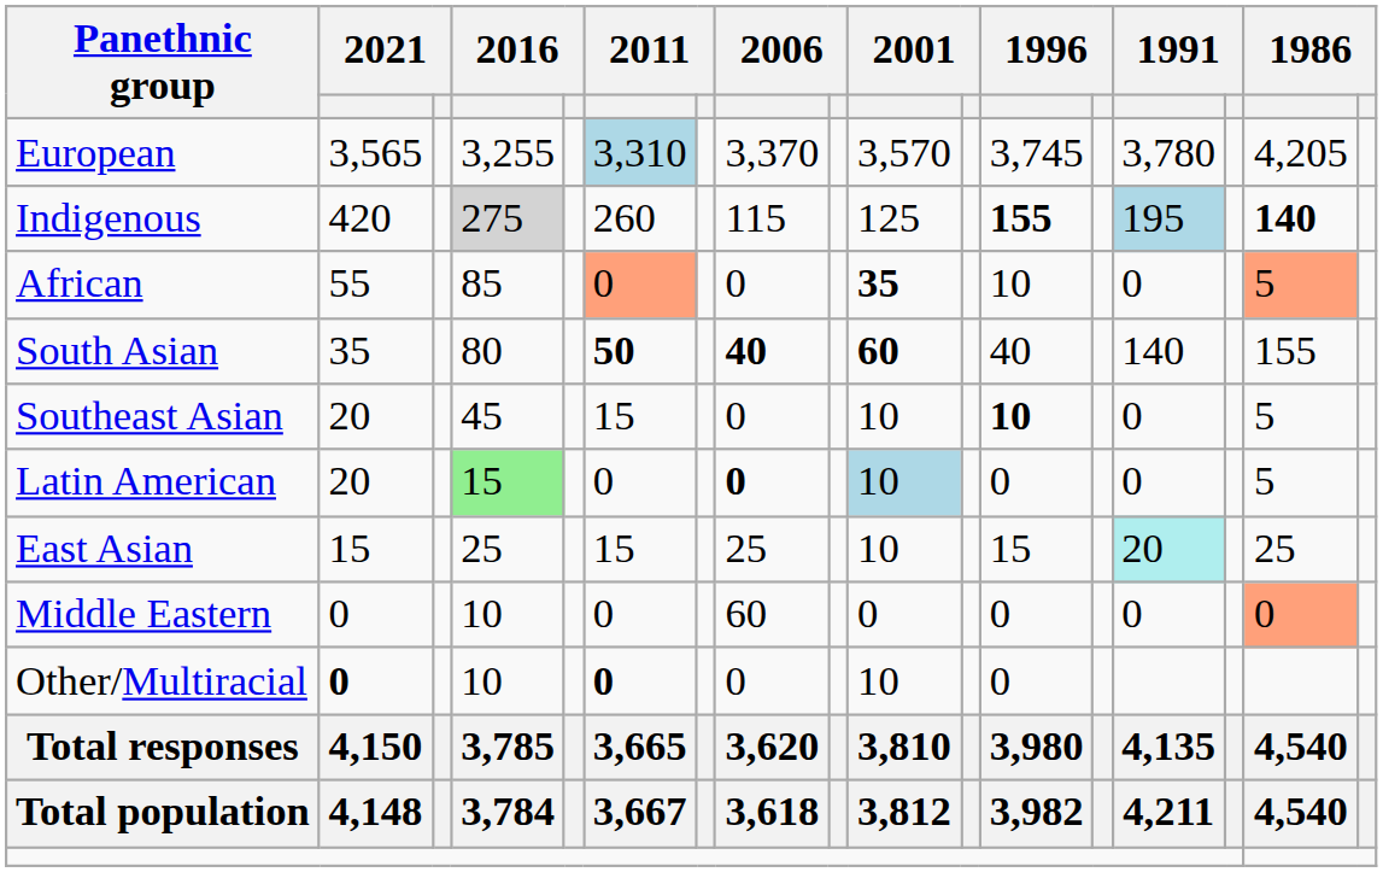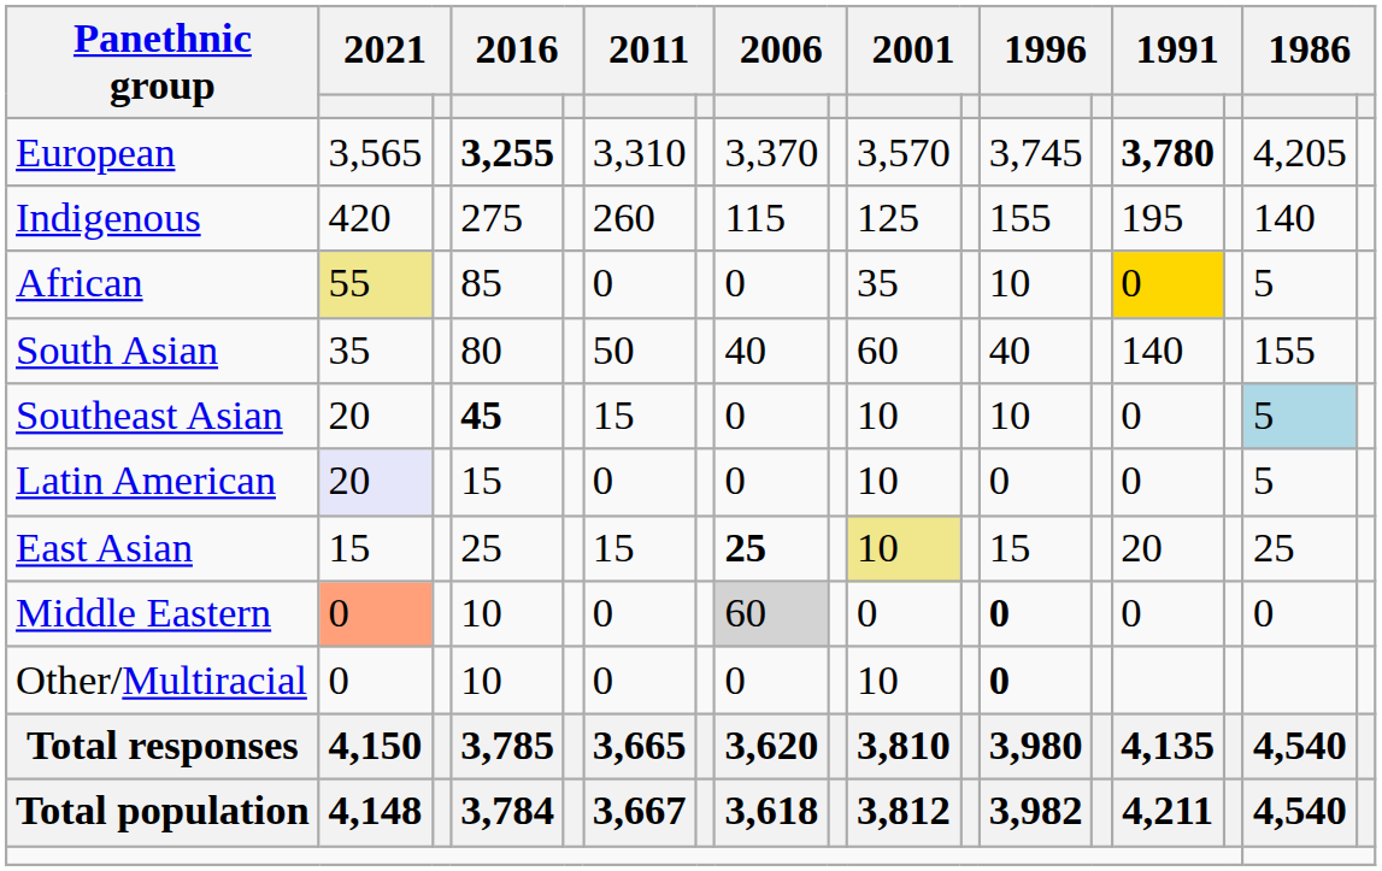 <table class="wikitable collapsible sortable">
 <tr>
 <th rowspan="2"><a href='#'>Panethnic</a><br>group</th>
 <th colspan="2">2021</th>
 <th colspan="2">2016</th>
 <th colspan="2">2011</th>
 <th colspan="2">2006</th>
 <th colspan="2">2001</th>
 <th colspan="2">1996</th>
 <th colspan="2">1991</th>
 <th colspan="2">1986</th>
 </tr>
 <tr>
 <th><a href='#'></a></th>
 <th></th>
 <th></th>
 <th></th>
 <th></th>
 <th></th>
 <th></th>
 <th></th>
 <th></th>
 <th></th>
 <th></th>
 <th></th>
 <th></th>
 <th></th>
 <th></th>
 <th></th>
 </tr>
 <tr>
 <td><a href='#'>European</a></td>
 <td>3,565</td>
 <td></td>
-<td>3,255</td>
+<td><strong>3,255</strong></td>
 <td></td>
-<td style="background: lightblue;">3,310</td>
+<td>3,310</td>
 <td></td>
 <td>3,370</td>
 <td></td>
 <td>3,570</td>
 <td></td>
 <td>3,745</td>
 <td></td>
-<td>3,780</td>
+<td><strong>3,780</strong></td>
 <td></td>
 <td>4,205</td>
 <td></td>
 </tr>
 <tr>
 <td><a href='#'>Indigenous</a></td>
 <td>420</td>
 <td></td>
-<td style="background: lightgrey;">275</td>
+<td>275</td>
 <td></td>
 <td>260</td>
 <td></td>
 <td>115</td>
 <td></td>
 <td>125</td>
 <td></td>
-<td><strong>155</strong></td>
+<td>155</td>
 <td></td>
-<td style="background: lightblue;">195</td>
+<td>195</td>
 <td></td>
-<td><strong>140</strong></td>
+<td>140</td>
 <td></td>
 </tr>
 <tr>
 <td><a href='#'>African</a></td>
-<td>55</td>
+<td style="background: khaki;">55</td>
 <td></td>
 <td>85</td>
 <td></td>
-<td style="background: lightsalmon;">0</td>
+<td>0</td>
 <td></td>
 <td>0</td>
 <td></td>
-<td><strong>35</strong></td>
+<td>35</td>
 <td></td>
 <td>10</td>
 <td></td>
-<td>0</td>
+<td style="background: gold;">0</td>
 <td></td>
-<td style="background: lightsalmon;">5</td>
+<td>5</td>
 <td></td>
 </tr>
 <tr>
 <td><a href='#'>South Asian</a></td>
 <td>35</td>
 <td></td>
 <td>80</td>
 <td></td>
-<td><strong>50</strong></td>
+<td>50</td>
 <td></td>
-<td><strong>40</strong></td>
+<td>40</td>
 <td></td>
-<td><strong>60</strong></td>
+<td>60</td>
 <td></td>
 <td>40</td>
 <td></td>
 <td>140</td>
 <td></td>
 <td>155</td>
 <td></td>
 </tr>
 <tr>
 <td><a href='#'>Southeast Asian</a></td>
 <td>20</td>
 <td></td>
-<td>45</td>
+<td><strong>45</strong></td>
 <td></td>
 <td>15</td>
 <td></td>
 <td>0</td>
 <td></td>
 <td>10</td>
 <td></td>
-<td><strong>10</strong></td>
+<td>10</td>
 <td></td>
 <td>0</td>
 <td></td>
-<td>5</td>
+<td style="background: lightblue;">5</td>
 <td></td>
 </tr>
 <tr>
 <td><a href='#'>Latin American</a></td>
-<td>20</td>
+<td style="background: lavender;">20</td>
 <td></td>
-<td style="background: lightgreen;">15</td>
+<td>15</td>
 <td></td>
 <td>0</td>
 <td></td>
-<td><strong>0</strong></td>
+<td>0</td>
 <td></td>
-<td style="background: lightblue;">10</td>
+<td>10</td>
 <td></td>
 <td>0</td>
 <td></td>
 <td>0</td>
 <td></td>
 <td>5</td>
 <td></td>
 </tr>
 <tr>
 <td><a href='#'>East Asian</a></td>
 <td>15</td>
 <td></td>
 <td>25</td>
 <td></td>
 <td>15</td>
 <td></td>
-<td>25</td>
+<td><strong>25</strong></td>
 <td></td>
-<td>10</td>
+<td style="background: khaki;">10</td>
 <td></td>
 <td>15</td>
 <td></td>
-<td style="background: paleturquoise;">20</td>
+<td>20</td>
 <td></td>
 <td>25</td>
 <td></td>
 </tr>
 <tr>
 <td><a href='#'>Middle Eastern</a></td>
+<td style="background: lightsalmon;">0</td>
+<td></td>
+<td>10</td>
+<td></td>
+<td>0</td>
+<td></td>
+<td style="background: lightgrey;">60</td>
+<td></td>
+<td>0</td>
+<td></td>
+<td><strong>0</strong></td>
+<td></td>
+<td>0</td>
+<td></td>
+<td>0</td>
+<td></td>
+</tr>
+<tr>
+<td>Other/<a href='#'>Multiracial</a></td>
 <td>0</td>
 <td></td>
 <td>10</td>
 <td></td>
 <td>0</td>
 <td></td>
-<td>60</td>
-<td></td>
 <td>0</td>
-<td></td>
-<td>0</td>
-<td></td>
-<td>0</td>
-<td></td>
-<td style="background: lightsalmon;">0</td>
-<td></td>
-</tr>
-<tr>
-<td>Other/<a href='#'>Multiracial</a></td>
-<td><strong>0</strong></td>
 <td></td>
 <td>10</td>
 <td></td>
 <td><strong>0</strong></td>
-<td></td>
-<td>0</td>
-<td></td>
-<td>10</td>
-<td></td>
-<td>0</td>
 <td></td>
 <td></td>
 <td></td>
 <td></td>
 <td></td>
 </tr>
 <tr>
 <th>Total responses</th>
 <th>4,150</th>
 <th></th>
 <th>3,785</th>
 <th></th>
 <th>3,665</th>
 <th></th>
 <th>3,620</th>
 <th></th>
 <th>3,810</th>
 <th></th>
 <th>3,980</th>
 <th></th>
 <th>4,135</th>
 <th></th>
 <th>4,540</th>
 <th></th>
 </tr>
 <tr>
 <th>Total population</th>
 <th>4,148</th>
 <th></th>
 <th>3,784</th>
 <th></th>
 <th>3,667</th>
 <th></th>
 <th>3,618</th>
 <th></th>
 <th>3,812</th>
 <th></th>
 <th>3,982</th>
 <th></th>
 <th>4,211</th>
 <th></th>
 <th>4,540</th>
 <th></th>
 </tr>
 <tr class="sortbottom">
 <td colspan="15"></td>
 </tr>
 </table>
